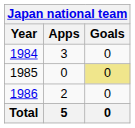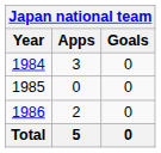 <table class="wikitable" style="text-align:center">
 <tr>
 <th colspan=3><a href='#'>Japan national team</a></th>
 </tr>
 <tr>
 <th>Year</th>
 <th>Apps</th>
 <th>Goals</th>
 </tr>
 <tr>
 <td><a href='#'>1984</a></td>
 <td>3</td>
 <td>0</td>
 </tr>
 <tr>
 <td>1985</td>
 <td>0</td>
-<td style="background: khaki;">0</td>
+<td>0</td>
 </tr>
 <tr>
 <td><a href='#'>1986</a></td>
 <td>2</td>
 <td>0</td>
 </tr>
 <tr>
 <th>Total</th>
 <th>5</th>
 <th>0</th>
 </tr>
 </table>
